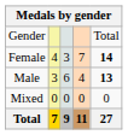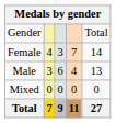 <table class="wikitable" style="font-size:80%;float:right;text-align:center">
 <tr bgcolor=EFEFEF>
 <th colspan=5>Medals by gender</th>
 </tr>
 <tr>
 <td>Gender</td>
 <td bgcolor=F7F6A8></td>
 <td bgcolor=DCE5E5></td>
 <td bgcolor=FFDAB9></td>
 <td>Total</td>
 </tr>
 <tr>
 <td>Female</td>
 <td bgcolor=F7F6A8>4</td>
 <td bgcolor=DCE5E5>3</td>
 <td bgcolor=FFDAB9>7</td>
-<td><strong>14</strong></td>
+<td>14</td>
 </tr>
 <tr>
 <td>Male</td>
 <td bgcolor=F7F6A8>3</td>
 <td bgcolor=DCE5E5>6</td>
 <td bgcolor=FFDAB9>4</td>
-<td><strong>13</strong></td>
+<td>13</td>
 </tr>
 <tr>
 <td>Mixed</td>
 <td bgcolor=F7F6A8>0</td>
 <td bgcolor=DCE5E5>0</td>
 <td bgcolor=FFDAB9>0</td>
 <td>0</td>
 </tr>
 <tr>
 <th>Total</th>
 <th style="background:gold;">7</th>
 <th style="background:silver;">9</th>
 <th style="background:#c96;">11</th>
 <th>27</th>
 </tr>
 </table>
